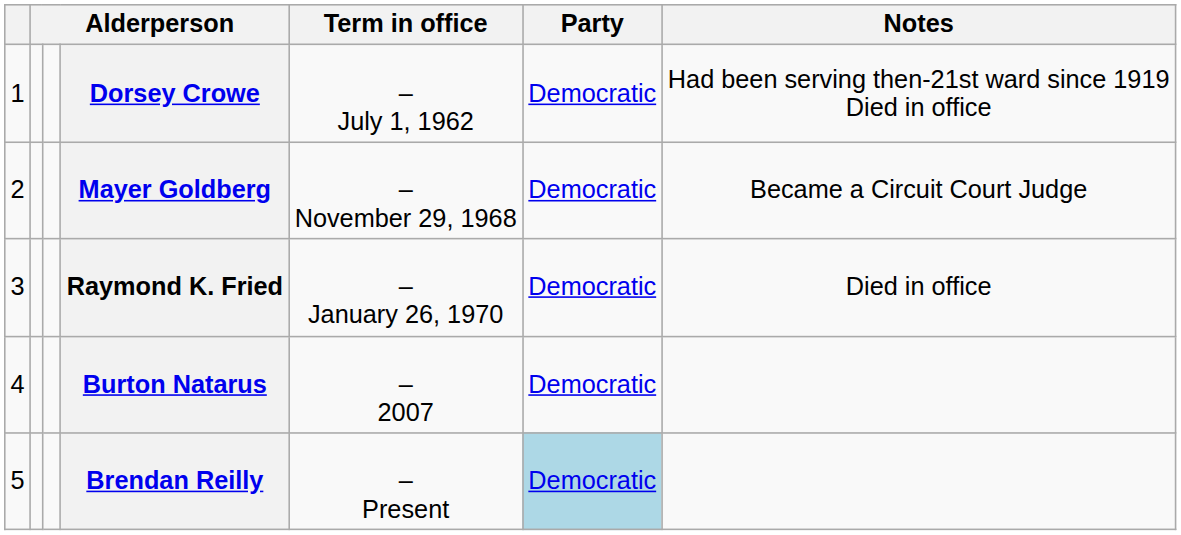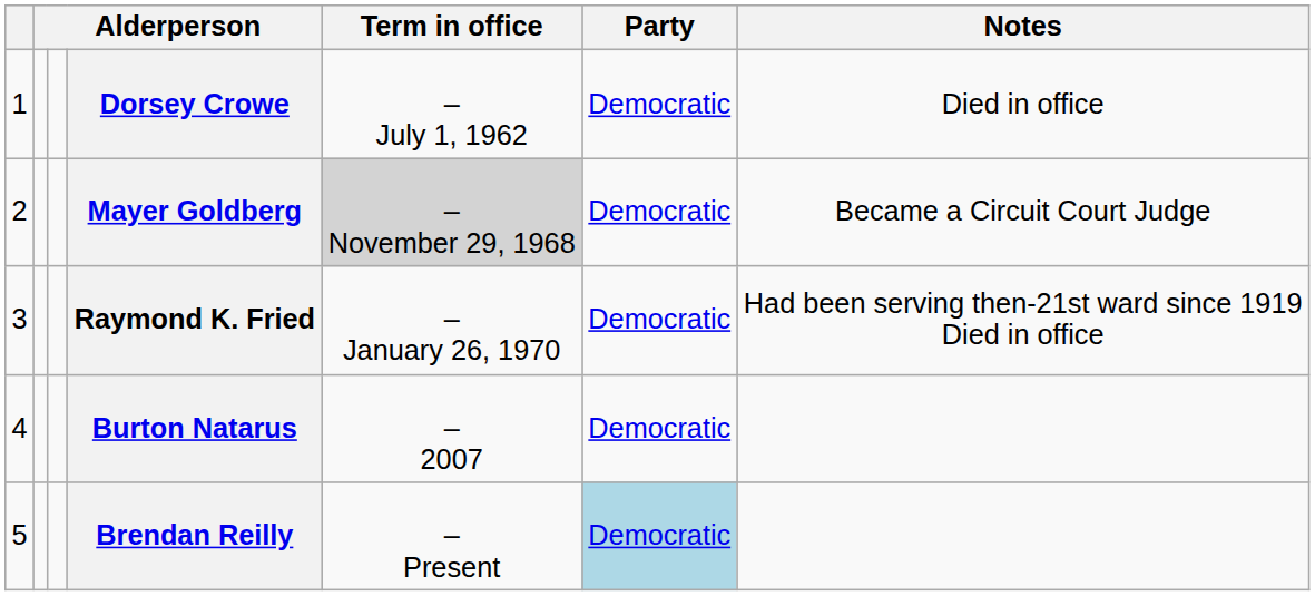 <table class="wikitable sortable" style="text-align:center;">
 <tr>
 <th scope="col"></th>
 <th scope="col" colspan="3">Alderperson</th>
 <th scope="col">Term in office</th>
 <th scope="col">Party</th>
 <th scope="col">Notes</th>
 </tr>
 <tr style="height:2em;">
 <td>1</td>
 <td></td>
 <td> </td>
 <th scope="row"><a href='#'>Dorsey Crowe</a></th>
 <td><br>–<br>July 1, 1962</td>
 <td><a href='#'>Democratic</a></td>
-<td>Had been serving then-21st ward since 1919  <br> Died in office</td>
+<td>Died in office</td>
 </tr>
 <tr style="height:2em;">
 <td>2</td>
 <td></td>
 <td> </td>
 <th scope="row"><a href='#'>Mayer Goldberg</a></th>
-<td><br>–<br>November 29, 1968</td>
+<td style="background: lightgrey;"><br>–<br>November 29, 1968</td>
 <td><a href='#'>Democratic</a></td>
 <td>Became a Circuit Court Judge</td>
 </tr>
 <tr style="height:2em;">
 <td>3</td>
 <td></td>
 <td> </td>
 <th scope="row">Raymond K. Fried</th>
 <td><br>–<br>January 26, 1970</td>
 <td><a href='#'>Democratic</a></td>
-<td>Died in office</td>
+<td>Had been serving then-21st ward since 1919  <br> Died in office</td>
 </tr>
 <tr style="height:2em;">
 <td>4</td>
 <td></td>
 <td> </td>
 <th scope="row"><a href='#'>Burton Natarus</a></th>
 <td><br>–<br>2007</td>
 <td><a href='#'>Democratic</a></td>
 <td></td>
 </tr>
 <tr style="height:2em;">
 <td>5</td>
 <td></td>
 <td> </td>
 <th scope="row"><a href='#'>Brendan Reilly</a></th>
 <td><br>–<br>Present</td>
 <td style="background: lightblue;"><a href='#'>Democratic</a></td>
 <td></td>
 </tr>
 </table>
